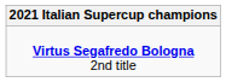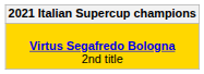 <table class=wikitable style="text-align:center; margin:auto">
 <tr>
 <th>2021 Italian Supercup champions</th>
 </tr>
 <tr>
-<td align = center> <br> <strong><a href='#'>Virtus Segafredo Bologna</a></strong> <br> 2nd title</td>
+<td align = center style="background: gold;"> <br> <strong><a href='#'>Virtus Segafredo Bologna</a></strong> <br> 2nd title</td>
 </tr>
 </table>
